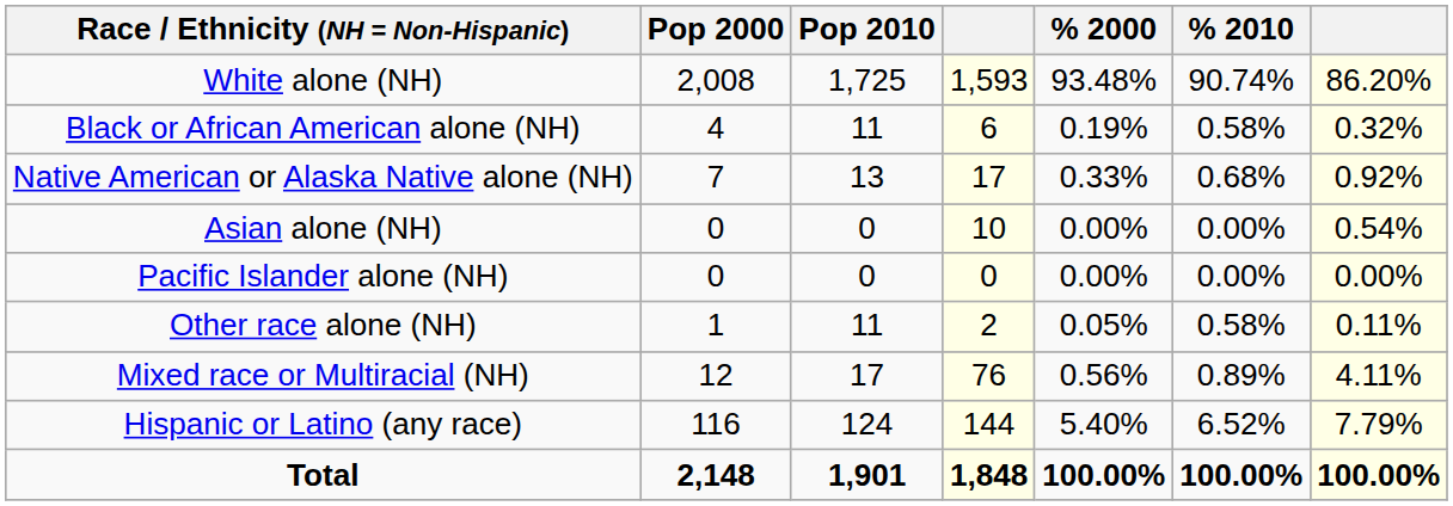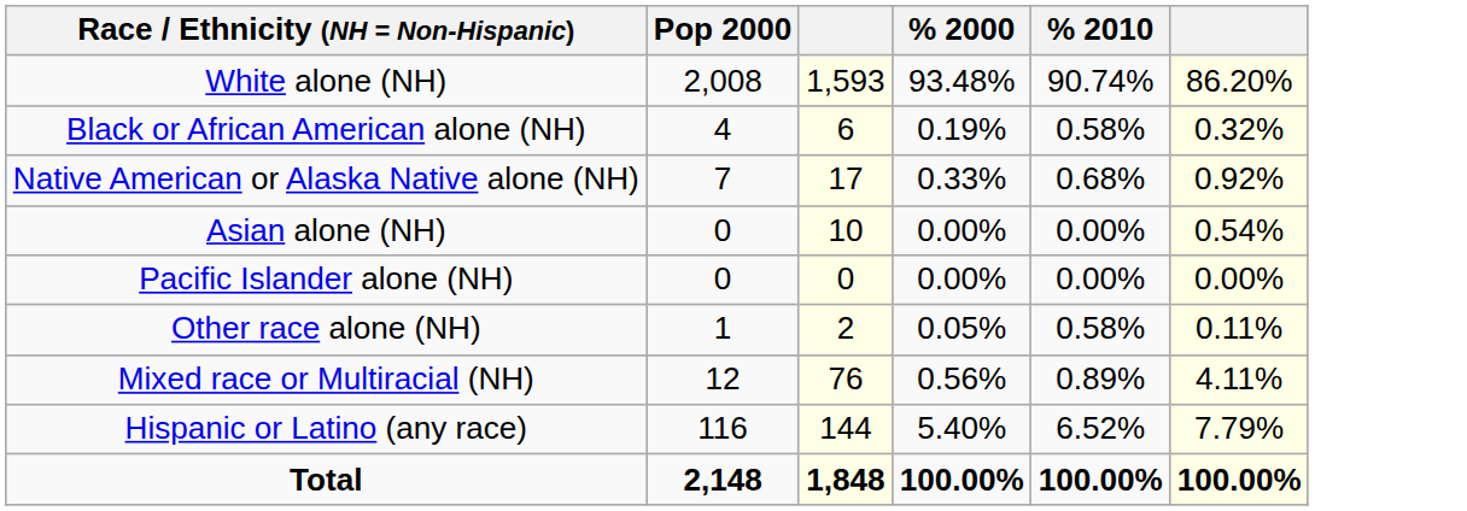 <table class="wikitable" style="text-align:center;">
 <tr>
 <th>Race / Ethnicity <small>(<em>NH = Non-Hispanic</em>)</small></th>
 <th>Pop 2000</th>
-<th>Pop 2010</th>
 <th></th>
 <th>% 2000</th>
 <th>% 2010</th>
 <th></th>
 </tr>
 <tr>
 <td><a href='#'>White</a> alone (NH)</td>
 <td>2,008</td>
-<td>1,725</td>
 <td style='background: #ffffe6;'>1,593</td>
 <td>93.48%</td>
 <td>90.74%</td>
 <td style='background: #ffffe6;'>86.20%</td>
 </tr>
 <tr>
 <td><a href='#'>Black or African American</a> alone (NH)</td>
 <td>4</td>
-<td>11</td>
 <td style='background: #ffffe6;'>6</td>
 <td>0.19%</td>
 <td>0.58%</td>
 <td style='background: #ffffe6;'>0.32%</td>
 </tr>
 <tr>
 <td><a href='#'>Native American</a> or <a href='#'>Alaska Native</a> alone (NH)</td>
 <td>7</td>
-<td>13</td>
 <td style='background: #ffffe6;'>17</td>
 <td>0.33%</td>
 <td>0.68%</td>
 <td style='background: #ffffe6;'>0.92%</td>
 </tr>
 <tr>
 <td><a href='#'>Asian</a> alone (NH)</td>
-<td>0</td>
 <td>0</td>
 <td style='background: #ffffe6;'>10</td>
 <td>0.00%</td>
 <td>0.00%</td>
 <td style='background: #ffffe6;'>0.54%</td>
 </tr>
 <tr>
 <td><a href='#'>Pacific Islander</a> alone (NH)</td>
 <td>0</td>
-<td>0</td>
 <td style='background: #ffffe6;'>0</td>
 <td>0.00%</td>
 <td>0.00%</td>
 <td style='background: #ffffe6;'>0.00%</td>
 </tr>
 <tr>
 <td><a href='#'>Other race</a> alone (NH)</td>
 <td>1</td>
-<td>11</td>
 <td style='background: #ffffe6;'>2</td>
 <td>0.05%</td>
 <td>0.58%</td>
 <td style='background: #ffffe6;'>0.11%</td>
 </tr>
 <tr>
 <td><a href='#'>Mixed race or Multiracial</a> (NH)</td>
 <td>12</td>
-<td>17</td>
 <td style='background: #ffffe6;'>76</td>
 <td>0.56%</td>
 <td>0.89%</td>
 <td style='background: #ffffe6;'>4.11%</td>
 </tr>
 <tr>
 <td><a href='#'>Hispanic or Latino</a> (any race)</td>
 <td>116</td>
-<td>124</td>
 <td style='background: #ffffe6;'>144</td>
 <td>5.40%</td>
 <td>6.52%</td>
 <td style='background: #ffffe6;'>7.79%</td>
 </tr>
 <tr>
 <td><strong>Total</strong></td>
 <td><strong>2,148</strong></td>
-<td><strong>1,901</strong></td>
 <td style='background: #ffffe6;'><strong>1,848</strong></td>
 <td><strong>100.00%</strong></td>
 <td><strong>100.00%</strong></td>
 <td style='background: #ffffe6;'><strong>100.00%</strong></td>
 </tr>
 </table>
